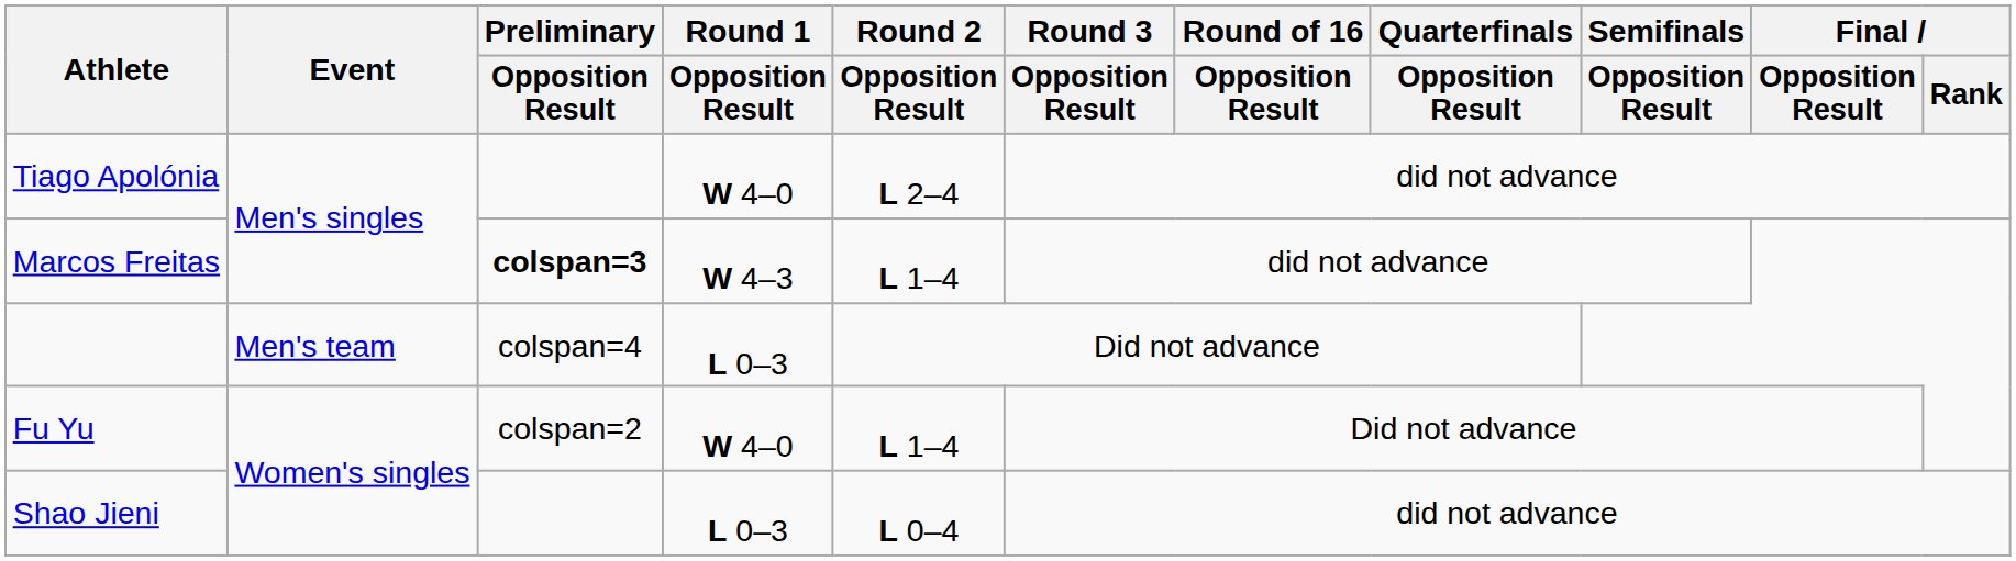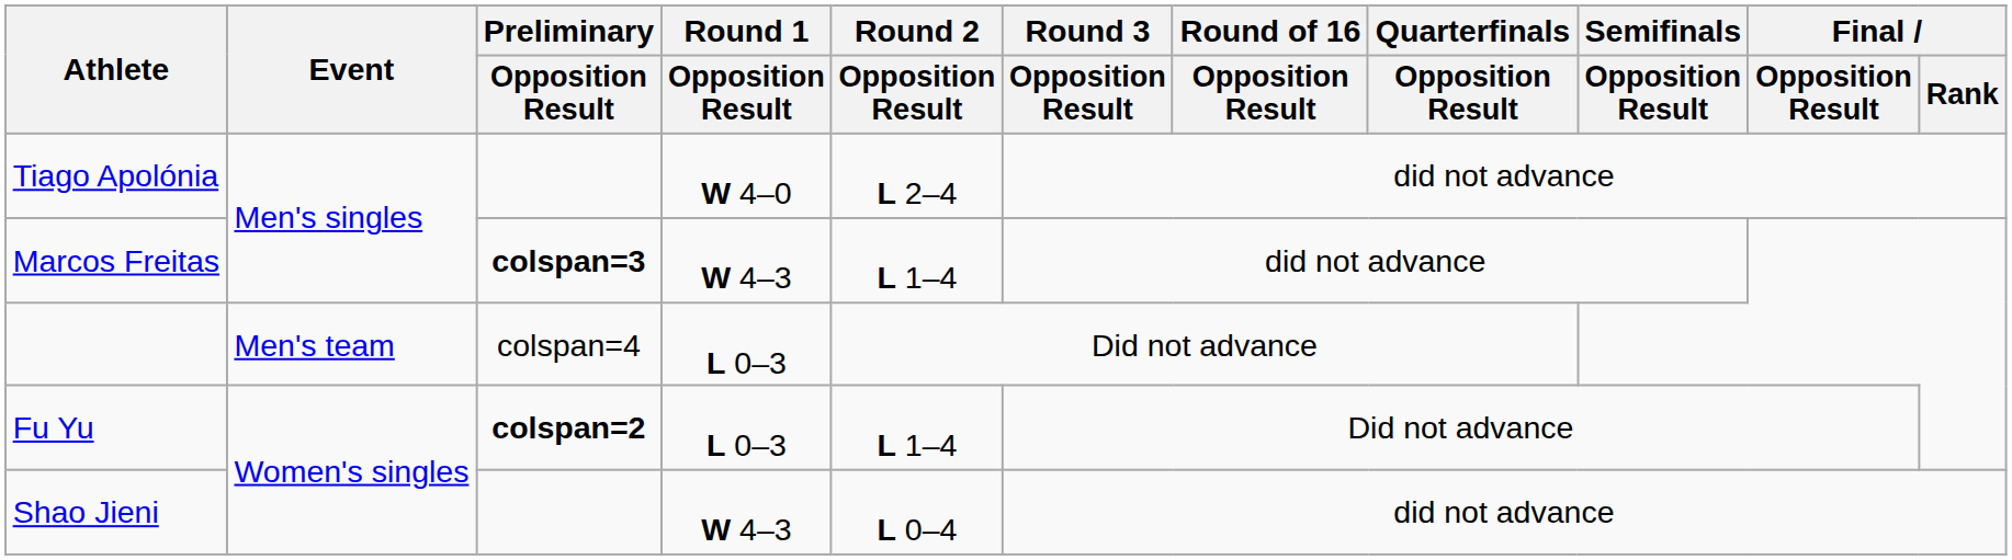 <table class="wikitable" style="font-size:90%;">
 <tr>
 <th rowspan=2>Athlete</th>
 <th rowspan=2>Event</th>
 <th>Preliminary</th>
 <th>Round 1</th>
 <th>Round 2</th>
 <th>Round 3</th>
 <th>Round of 16</th>
 <th>Quarterfinals</th>
 <th>Semifinals</th>
 <th colspan=2>Final / </th>
 </tr>
 <tr style="font-size:95%">
 <th>Opposition<br>Result</th>
 <th>Opposition<br>Result</th>
 <th>Opposition<br>Result</th>
 <th>Opposition<br>Result</th>
 <th>Opposition<br>Result</th>
 <th>Opposition<br>Result</th>
 <th>Opposition<br>Result</th>
 <th>Opposition<br>Result</th>
 <th>Rank</th>
 </tr>
 <tr align=center>
 <td align=left><a href='#'>Tiago Apolónia</a></td>
 <td align=left rowspan=2><a href='#'>Men's singles</a></td>
 <td></td>
 <td><br><strong>W</strong> 4–0</td>
 <td><br><strong>L</strong> 2–4</td>
 <td colspan=6>did not advance</td>
 </tr>
 <tr align=center>
 <td align=left><a href='#'>Marcos Freitas</a></td>
 <td><strong>colspan=3 </strong></td>
 <td><br><strong>W</strong> 4–3</td>
 <td><br><strong>L</strong> 1–4</td>
 <td colspan=4>did not advance</td>
 </tr>
 <tr align=center>
 <td align=left></td>
 <td align=left><a href='#'>Men's team</a></td>
 <td>colspan=4 </td>
 <td><br><strong>L</strong> 0–3</td>
 <td colspan=4>Did not advance</td>
 </tr>
 <tr align=center>
 <td align=left><a href='#'>Fu Yu</a></td>
 <td align=left rowspan=2><a href='#'>Women's singles</a></td>
-<td>colspan=2 </td>
-<td><br><strong>W</strong> 4–0</td>
+<td><strong>colspan=2 </strong></td>
+<td><br><strong>L</strong> 0–3</td>
 <td><br><strong>L</strong> 1–4</td>
 <td colspan=5>Did not advance</td>
 </tr>
 <tr align=center>
 <td align=left><a href='#'>Shao Jieni</a></td>
 <td></td>
-<td><br><strong>L</strong> 0–3</td>
+<td><br><strong>W</strong> 4–3</td>
 <td><br><strong>L</strong> 0–4</td>
 <td colspan=6>did not advance</td>
 </tr>
 </table>
